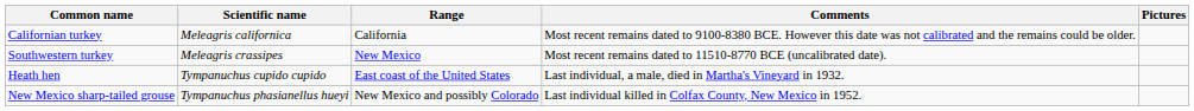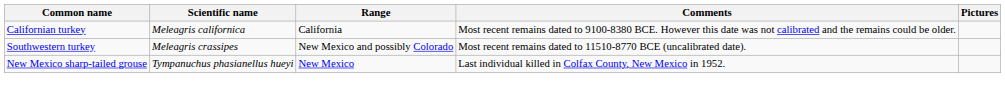 <table class="wikitable">
 <tr>
 <th>Common name</th>
 <th>Scientific name</th>
 <th>Range</th>
 <th class="unsortable">Comments</th>
 <th class="unsortable">Pictures</th>
 </tr>
 <tr>
 <td><a href='#'>Californian turkey</a></td>
 <td><em>Meleagris californica</em></td>
 <td>California</td>
 <td>Most recent remains dated to 9100-8380 BCE. However this date was not <a href='#'>calibrated</a> and the remains could be older.</td>
 <td></td>
 </tr>
 <tr>
 <td><a href='#'>Southwestern turkey</a></td>
 <td><em>Meleagris crassipes</em></td>
-<td><a href='#'>New Mexico</a></td>
+<td>New Mexico and possibly <a href='#'>Colorado</a></td>
 <td>Most recent remains dated to 11510-8770 BCE (uncalibrated date).</td>
-<td></td>
-</tr>
-<tr>
-<td><a href='#'>Heath hen</a></td>
-<td><em>Tympanuchus cupido cupido</em></td>
-<td><a href='#'>East coast of the United States</a></td>
-<td>Last individual, a male, died in <a href='#'>Martha's Vineyard</a> in 1932.</td>
 <td></td>
 </tr>
 <tr>
 <td><a href='#'>New Mexico sharp-tailed grouse</a></td>
 <td><em>Tympanuchus phasianellus hueyi</em></td>
-<td>New Mexico and possibly <a href='#'>Colorado</a></td>
+<td><a href='#'>New Mexico</a></td>
 <td>Last individual killed in <a href='#'>Colfax County, New Mexico</a> in 1952.</td>
 <td></td>
 </tr>
 </table>
